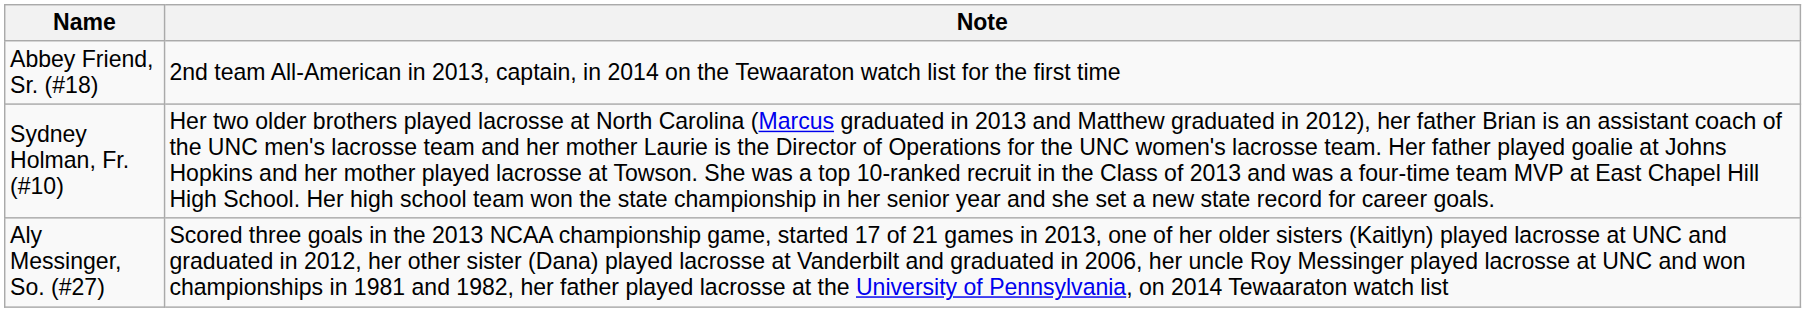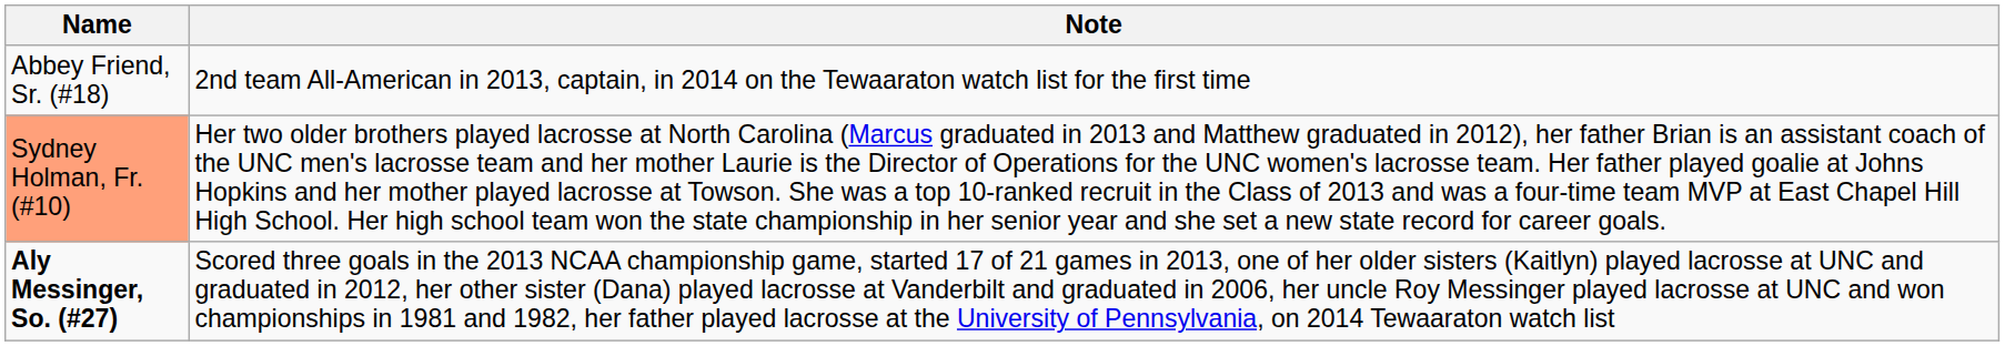 <table class="wikitable">
 <tr>
 <th>Name</th>
 <th>Note</th>
 </tr>
 <tr>
 <td>Abbey Friend, Sr. (#18)</td>
 <td>2nd team All-American in 2013, captain, in 2014 on the Tewaaraton watch list for the first time</td>
 </tr>
 <tr>
-<td>Sydney Holman, Fr. (#10)</td>
+<td style="background: lightsalmon;">Sydney Holman, Fr. (#10)</td>
 <td>Her two older brothers played lacrosse at North Carolina (<a href='#'>Marcus</a> graduated in 2013 and Matthew graduated in 2012), her father Brian is an assistant coach of the UNC men's lacrosse team and her mother Laurie is the Director of Operations for the UNC women's lacrosse team. Her father played goalie at Johns Hopkins and her mother played lacrosse at Towson. She was a top 10-ranked recruit in the Class of 2013 and was a four-time team MVP at East Chapel Hill High School. Her high school team won the state championship in her senior year and she set a new state record for career goals.</td>
 </tr>
 <tr>
-<td>Aly Messinger, So. (#27)</td>
+<td><strong>Aly Messinger, So. (#27)</strong></td>
 <td>Scored three goals in the 2013 NCAA championship game, started 17 of 21 games in 2013, one of her older sisters (Kaitlyn) played lacrosse at UNC and graduated in 2012, her other sister (Dana) played lacrosse at Vanderbilt and graduated in 2006, her uncle Roy Messinger played lacrosse at UNC and won championships in 1981 and 1982, her father played lacrosse at the <a href='#'>University of Pennsylvania</a>, on 2014 Tewaaraton watch list</td>
 </tr>
 </table>
